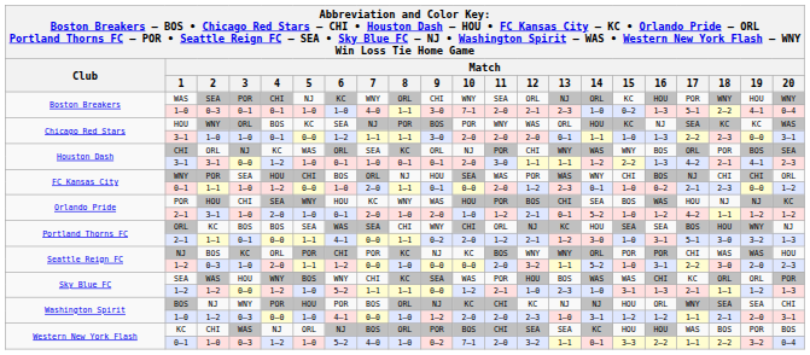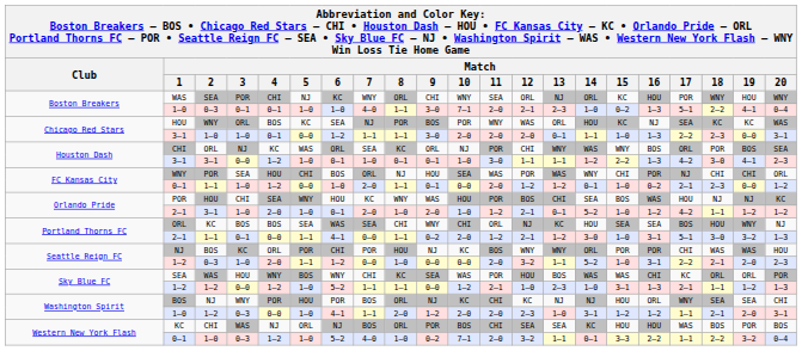 <table class="wikitable" style="text-align:center;width=100%">
 <tr>
 <th colspan="21">Abbreviation and Color Key:<br><a href='#'>Boston Breakers</a> – BOS • <a href='#'>Chicago Red Stars</a> – CHI • <a href='#'>Houston Dash</a> – HOU • <a href='#'>FC Kansas City</a> – KC • <a href='#'>Orlando Pride</a> – ORL<br><a href='#'>Portland Thorns FC</a> – POR • <a href='#'>Seattle Reign FC</a> – SEA • <a href='#'>Sky Blue FC</a> – NJ • <a href='#'>Washington Spirit</a> – WAS • <a href='#'>Western New York Flash</a> – WNY<br><span>Win</span>  <span>Loss</span>  <span>Tie</span> <span>Home Game</span></th>
 </tr>
 <tr>
 <th style="width:20%;" rowspan="2">Club</th>
 <th style="width:80%;" colspan="20">Match</th>
 </tr>
 <tr style="background:#ccc; font-size:95%;">
 <th style="width:4%;">1</th>
 <th style="width:4%;">2</th>
 <th style="width:4%;">3</th>
 <th style="width:4%;">4</th>
 <th style="width:4%;">5</th>
 <th style="width:4%;">6</th>
 <th style="width:4%;">7</th>
 <th style="width:4%;">8</th>
 <th style="width:4%;">9</th>
 <th style="width:4%;">10</th>
 <th style="width:4%;">11</th>
 <th style="width:4%;">12</th>
 <th style="width:4%;">13</th>
 <th style="width:4%;">14</th>
 <th style="width:4%;">15</th>
 <th style="width:4%;">16</th>
 <th style="width:4%;">17</th>
 <th style="width:4%;">18</th>
 <th style="width:4%;">19</th>
 <th style="width:4%;">20<br></th>
 </tr>
 <tr style="font-size: 75%">
 <td rowspan="2"><a href='#'>Boston Breakers</a></td>
 <td>WAS</td>
 <td style="background:silver;">SEA</td>
 <td style="background:silver;">POR</td>
 <td style="background:silver;">CHI</td>
 <td>NJ</td>
 <td style="background:silver;">KC</td>
 <td>WNY</td>
 <td style="background:silver;">ORL</td>
 <td>CHI</td>
 <td>WNY</td>
 <td>SEA</td>
 <td>ORL</td>
 <td style="background:silver;">NJ</td>
 <td style="background:silver;">ORL</td>
 <td>KC</td>
 <td style="background:silver;">HOU</td>
 <td>POR</td>
 <td style="background:silver;">WNY</td>
 <td>HOU</td>
 <td style="background:silver;">WNY</td>
 </tr>
 <tr style="font-size: 75%">
 <td bgcolor=#FFDFDF>1–0</td>
 <td bgcolor=#FFDFDF>0–3</td>
 <td bgcolor=#FFDFDF>0–1</td>
 <td bgcolor=#FFDFDF>0–1</td>
 <td bgcolor=#FFDFDF>1–0</td>
 <td bgcolor=#DFE7FF>1–0</td>
 <td bgcolor=#FFDFDF>4–0</td>
 <td bgcolor=#FFFDD0>1–1</td>
 <td bgcolor=#FFDFDF>3–0</td>
 <td bgcolor=#FFDFDF>7–1</td>
 <td bgcolor=#FFDFDF>2–0</td>
 <td bgcolor=#FFDFDF>2–1</td>
 <td bgcolor=#FFDFDF>2–3</td>
 <td bgcolor=#DFE7FF>1–0</td>
 <td bgcolor=#DFE7FF>0–2</td>
 <td bgcolor=#FFDFDF>1–3</td>
 <td bgcolor=#FFDFDF>5–1</td>
 <td bgcolor=#FFFDD0>2–2</td>
 <td bgcolor=#FFDFDF>4–1</td>
 <td bgcolor=#FFDFDF>0–4</td>
 </tr>
 <tr style="font-size: 75%">
 <td rowspan="2"><a href='#'>Chicago Red Stars</a></td>
 <td>HOU</td>
 <td style="background:silver;">WNY</td>
 <td style="background:silver;">ORL</td>
 <td>BOS</td>
 <td>KC</td>
 <td>SEA</td>
 <td style="background:silver;">NJ</td>
 <td style="background:silver;">POR</td>
 <td style="background:silver;">BOS</td>
 <td>POR</td>
 <td>WNY</td>
 <td>WAS</td>
 <td>ORL</td>
 <td style="background:silver;">HOU</td>
 <td style="background:silver;">KC</td>
 <td>NJ</td>
 <td style="background:silver;">SEA</td>
 <td style="background:silver;">KC</td>
 <td>KC</td>
 <td style="background:silver;">WAS</td>
 </tr>
 <tr style="font-size: 75%">
 <td bgcolor=#FFDFDF>3–1</td>
 <td bgcolor=#DFE7FF>1–0</td>
 <td bgcolor=#DFE7FF>1–0</td>
 <td bgcolor=#DFE7FF>0–1</td>
 <td bgcolor=#FFFDD0>0–0</td>
 <td bgcolor=#DFE7FF>1–2</td>
 <td bgcolor=#FFFDD0>1–1</td>
 <td bgcolor=#FFFDD0>1–1</td>
 <td bgcolor=#DFE7FF>3–0</td>
 <td bgcolor=#FFDFDF>2–0</td>
 <td bgcolor=#FFDFDF>2–0</td>
 <td bgcolor=#FFDFDF>2–0</td>
 <td bgcolor=#DFE7FF>0–1</td>
 <td bgcolor=#FFFDD0>1–1</td>
 <td bgcolor=#DFE7FF>1–0</td>
 <td bgcolor=#DFE7FF>1–3</td>
 <td bgcolor=#FFFDD0>2–2</td>
 <td bgcolor=#FFDFDF>2–3</td>
 <td bgcolor=#FFFDD0>0–0</td>
 <td bgcolor=#DFE7FF>3–1</td>
 </tr>
 <tr style="font-size: 75%">
 <td rowspan="2"><a href='#'>Houston Dash</a></td>
 <td style="background:silver;">CHI</td>
 <td>ORL</td>
 <td style="background:silver;">NJ</td>
 <td>KC</td>
 <td>WAS</td>
 <td style="background:silver;">ORL</td>
 <td>SEA</td>
 <td style="background:silver;">KC</td>
 <td>ORL</td>
 <td>NJ</td>
 <td style="background:silver;">POR</td>
 <td>CHI</td>
 <td style="background:silver;">WNY</td>
 <td style="background:silver;">WAS</td>
 <td>WNY</td>
 <td>BOS</td>
 <td style="background:silver;">ORL</td>
 <td>POR</td>
 <td style="background:silver;">BOS</td>
 <td style="background:silver;">SEA</td>
 </tr>
 <tr style="font-size: 75%">
 <td bgcolor=#DFE7FF>3–1</td>
 <td bgcolor=#FFDFDF>3–1</td>
 <td bgcolor=#FFFDD0>0–0</td>
 <td bgcolor=#DFE7FF>1–2</td>
 <td bgcolor=#FFDFDF>1–0</td>
 <td bgcolor=#FFDFDF>0–1</td>
 <td bgcolor=#FFDFDF>1–0</td>
 <td bgcolor=#FFDFDF>0–1</td>
 <td bgcolor=#FFDFDF>0–1</td>
-<td bgcolor=#FFDFDF>2–0</td>
+<td bgcolor=#FFDFDF>1–0</td>
 <td bgcolor=#DFE7FF>3–0</td>
 <td bgcolor=#FFFDD0>1–1</td>
 <td bgcolor=#FFFDD0>1–1</td>
 <td bgcolor=#FFDFDF>1–2</td>
 <td bgcolor=#FFFDD0>2–2</td>
 <td bgcolor=#DFE7FF>1–3</td>
 <td bgcolor=#DFE7FF>4–2</td>
-<td bgcolor=#FFDFDF>2–1</td>
+<td bgcolor=#FFDFDF>3–0</td>
 <td bgcolor=#DFE7FF>4–1</td>
 <td bgcolor=#FFDFDF>2–3</td>
 </tr>
 <tr style="font-size: 75%">
 <td rowspan="2"><a href='#'>FC Kansas City</a></td>
 <td style="background:silver;">WNY</td>
 <td style="background:silver;">POR</td>
 <td>SEA</td>
 <td style="background:silver;">HOU</td>
 <td style="background:silver;">CHI</td>
 <td>BOS</td>
 <td style="background:silver;">ORL</td>
 <td>NJ</td>
 <td>HOU</td>
 <td style="background:silver;">SEA</td>
 <td>WAS</td>
 <td>POR</td>
 <td style="background:silver;">WAS</td>
 <td>WNY</td>
 <td>CHI</td>
-<td style="background:silver;">BOS</td>
+<td style="background:silver;">POR</td>
 <td style="background:silver;">NJ</td>
 <td>CHI</td>
 <td style="background:silver;">CHI</td>
 <td>ORL</td>
 </tr>
 <tr style="font-size: 75%">
 <td bgcolor=#FFDFDF>0–1</td>
 <td bgcolor=#FFFDD0>1–1</td>
 <td bgcolor=#FFDFDF>1–0</td>
 <td bgcolor=#FFDFDF>1–2</td>
 <td bgcolor=#FFFDD0>0–0</td>
 <td bgcolor=#FFDFDF>1–0</td>
 <td bgcolor=#DFE7FF>2–0</td>
 <td bgcolor=#FFFDD0>1–1</td>
 <td bgcolor=#DFE7FF>0–1</td>
 <td bgcolor=#FFFDD0>0–0</td>
 <td bgcolor=#FFDFDF>2–0</td>
 <td bgcolor=#DFE7FF>1–2</td>
-<td bgcolor=#FFDFDF>2–3</td>
+<td bgcolor=#FFDFDF>1–2</td>
 <td bgcolor=#DFE7FF>0–1</td>
 <td bgcolor=#FFDFDF>1–0</td>
 <td bgcolor=#FFDFDF>0–2</td>
 <td bgcolor=#DFE7FF>2–1</td>
 <td bgcolor=#DFE7FF>2–3</td>
 <td bgcolor=#FFFDD0>0–0</td>
 <td bgcolor=#DFE7FF>1–2</td>
 </tr>
 <tr style="font-size: 75%">
 <td rowspan="2"><a href='#'>Orlando Pride</a></td>
 <td>POR</td>
 <td style="background:silver;">HOU</td>
 <td>CHI</td>
 <td style="background:silver;">SEA</td>
 <td style="background:silver;">WNY</td>
 <td>HOU</td>
 <td>KC</td>
 <td>WNY</td>
 <td>WAS</td>
 <td style="background:silver;">HOU</td>
 <td style="background:silver;">POR</td>
 <td style="background:silver;">BOS</td>
 <td style="background:silver;">CHI</td>
 <td>SEA</td>
 <td>BOS</td>
 <td style="background:silver;">WAS</td>
 <td>HOU</td>
 <td>NJ</td>
 <td style="background:silver;">NJ</td>
 <td style="background:silver;">KC</td>
 </tr>
 <tr style="font-size: 75%">
 <td bgcolor=#FFDFDF>2–1</td>
 <td bgcolor=#DFE7FF>3–1</td>
 <td bgcolor=#FFDFDF>1–0</td>
 <td bgcolor=#DFE7FF>2–0</td>
 <td bgcolor=#DFE7FF>1–0</td>
 <td bgcolor=#DFE7FF>0–1</td>
 <td bgcolor=#FFDFDF>2–0</td>
 <td bgcolor=#FFDFDF>1–0</td>
 <td bgcolor=#FFDFDF>2–0</td>
 <td bgcolor=#DFE7FF>1–0</td>
 <td bgcolor=#FFDFDF>1–2</td>
 <td bgcolor=#DFE7FF>2–1</td>
 <td bgcolor=#FFDFDF>0–1</td>
 <td bgcolor=#FFDFDF>5–2</td>
 <td bgcolor=#FFDFDF>1–0</td>
 <td bgcolor=#FFDFDF>1–2</td>
 <td bgcolor=#FFDFDF>4–2</td>
 <td bgcolor=#FFFDD0>1–1</td>
 <td bgcolor=#FFDFDF>1–2</td>
 <td bgcolor=#FFDFDF>1–2</td>
 </tr>
 <tr style="font-size: 75%">
 <td rowspan="2"><a href='#'>Portland Thorns FC</a></td>
 <td style="background:silver;">ORL</td>
 <td>KC</td>
 <td>BOS</td>
 <td>BOS</td>
 <td>SEA</td>
 <td style="background:silver;">WAS</td>
 <td style="background:silver;">SEA</td>
 <td>CHI</td>
 <td>WNY</td>
 <td style="background:silver;">CHI</td>
 <td>ORL</td>
 <td style="background:silver;">NJ</td>
 <td style="background:silver;">KC</td>
 <td>HOU</td>
 <td style="background:silver;">SEA</td>
 <td>SEA</td>
 <td style="background:silver;">BOS</td>
 <td style="background:silver;">HOU</td>
 <td style="background:silver;">WNY</td>
 <td>NJ</td>
 </tr>
 <tr style="font-size: 75%">
 <td bgcolor=#DFE7FF>2–1</td>
 <td bgcolor=#FFFDD0>1–1</td>
 <td bgcolor=#DFE7FF>0–1</td>
 <td bgcolor=#FFFDD0>0–0</td>
 <td bgcolor=#FFFDD0>1–1</td>
 <td bgcolor=#DFE7FF>4–1</td>
 <td bgcolor=#FFFDD0>0–0</td>
 <td bgcolor=#FFFDD0>1–1</td>
 <td bgcolor=#DFE7FF>0–2</td>
 <td bgcolor=#DFE7FF>2–0</td>
 <td bgcolor=#DFE7FF>1–2</td>
 <td bgcolor=#DFE7FF>2–1</td>
 <td bgcolor=#FFDFDF>1–2</td>
 <td bgcolor=#FFDFDF>3–0</td>
 <td bgcolor=#DFE7FF>1–0</td>
 <td bgcolor=#FFDFDF>3–1</td>
 <td bgcolor=#DFE7FF>5–1</td>
 <td bgcolor=#DFE7FF>3–0</td>
 <td bgcolor=#DFE7FF>3–2</td>
 <td bgcolor=#DFE7FF>1–3</td>
 </tr>
 <tr style="font-size: 75%">
 <td rowspan="2"><a href='#'>Seattle Reign FC</a></td>
 <td style="background:silver;">NJ</td>
 <td>BOS</td>
 <td style="background:silver;">KC</td>
 <td>ORL</td>
 <td style="background:silver;">POR</td>
 <td style="background:silver;">CHI</td>
 <td>POR</td>
-<td style="background:silver;">KC</td>
+<td style="background:silver;">HOU</td>
 <td>NJ</td>
 <td>KC</td>
 <td style="background:silver;">BOS</td>
 <td>WNY</td>
 <td style="background:silver;">WNY</td>
 <td style="background:silver;">ORL</td>
 <td>POR</td>
 <td style="background:silver;">POR</td>
 <td>CHI</td>
 <td>WAS</td>
 <td style="background:silver;">WAS</td>
 <td>HOU</td>
 </tr>
 <tr style="font-size: 75%">
 <td bgcolor=#FFDFDF>1–2</td>
 <td bgcolor=#DFE7FF>0–3</td>
 <td bgcolor=#DFE7FF>1–0</td>
 <td bgcolor=#FFDFDF>2–0</td>
 <td bgcolor=#FFFDD0>1–1</td>
 <td bgcolor=#FFDFDF>1–2</td>
 <td bgcolor=#FFFDD0>0–0</td>
 <td bgcolor=#DFE7FF>1–0</td>
 <td bgcolor=#FFFDD0>0–0</td>
 <td bgcolor=#FFFDD0>0–0</td>
 <td bgcolor=#DFE7FF>2–0</td>
 <td bgcolor=#FFDFDF>3–2</td>
 <td bgcolor=#FFFDD0>1–1</td>
 <td bgcolor=#DFE7FF>5–2</td>
 <td bgcolor=#FFDFDF>1–0</td>
 <td bgcolor=#DFE7FF>3–1</td>
 <td bgcolor=#FFFDD0>2–2</td>
-<td bgcolor=#FFDFDF>3–0</td>
+<td bgcolor=#FFDFDF>2–1</td>
 <td bgcolor=#DFE7FF>2–0</td>
 <td bgcolor=#DFE7FF>2–3</td>
 </tr>
 <tr style="font-size: 75%">
 <td rowspan="2"><a href='#'>Sky Blue FC</a></td>
 <td>SEA</td>
 <td style="background:silver;">WAS</td>
 <td>HOU</td>
 <td style="background:silver;">WNY</td>
 <td style="background:silver;">BOS</td>
 <td>WNY</td>
 <td>CHI</td>
 <td style="background:silver;">KC</td>
 <td style="background:silver;">SEA</td>
 <td>WAS</td>
 <td>POR</td>
 <td style="background:silver;">HOU</td>
 <td>BOS</td>
 <td style="background:silver;">WAS</td>
 <td>WAS</td>
 <td style="background:silver;">CHI</td>
 <td>KC</td>
 <td style="background:silver;">ORL</td>
 <td>ORL</td>
 <td style="background:silver;">POR</td>
 </tr>
 <tr style="font-size: 75%">
 <td bgcolor=#DFE7FF>1–2</td>
 <td bgcolor=#FFDFDF>1–2</td>
 <td bgcolor=#FFFDD0>0–0</td>
 <td bgcolor=#FFDFDF>1–2</td>
 <td bgcolor=#DFE7FF>1–0</td>
 <td bgcolor=#FFDFDF>5–2</td>
 <td bgcolor=#FFFDD0>1–1</td>
 <td bgcolor=#FFFDD0>1–1</td>
 <td bgcolor=#FFFDD0>0–0</td>
 <td bgcolor=#DFE7FF>1–2</td>
 <td bgcolor=#FFDFDF>2–1</td>
 <td bgcolor=#DFE7FF>1–0</td>
 <td bgcolor=#DFE7FF>2–3</td>
 <td bgcolor=#DFE7FF>1–0</td>
 <td bgcolor=#FFDFDF>3–1</td>
 <td bgcolor=#FFDFDF>1–3</td>
 <td bgcolor=#FFDFDF>2–1</td>
 <td bgcolor=#FFFDD0>1–1</td>
 <td bgcolor=#DFE7FF>1–2</td>
 <td bgcolor=#FFDFDF>1–3</td>
 </tr>
 <tr style="font-size: 75%">
 <td rowspan="2"><a href='#'>Washington Spirit</a></td>
 <td style="background:silver;">BOS</td>
 <td>NJ</td>
 <td>WNY</td>
 <td style="background:silver;">POR</td>
 <td style="background:silver;">HOU</td>
 <td>POR</td>
 <td>BOS</td>
 <td style="background:silver;">ORL</td>
 <td style="background:silver;">NJ</td>
 <td style="background:silver;">KC</td>
 <td style="background:silver;">CHI</td>
 <td>KC</td>
 <td>NJ</td>
 <td style="background:silver;">NJ</td>
 <td>HOU</td>
 <td>ORL</td>
 <td style="background:silver;">WNY</td>
 <td style="background:silver;">SEA</td>
 <td>SEA</td>
 <td>CHI</td>
 </tr>
 <tr style="font-size: 75%">
 <td bgcolor=#DFE7FF>1–0</td>
 <td bgcolor=#DFE7FF>1–2</td>
 <td bgcolor=#DFE7FF>0–3</td>
 <td bgcolor=#FFFDD0>0–0</td>
 <td bgcolor=#DFE7FF>1–0</td>
 <td bgcolor=#FFDFDF>4–1</td>
-<td bgcolor=#FFFDD0>0–0</td>
-<td bgcolor=#DFE7FF>1–0</td>
+<td bgcolor=#FFFDD0>1–1</td>
+<td bgcolor=#DFE7FF>2–0</td>
 <td bgcolor=#FFDFDF>1–2</td>
 <td bgcolor=#DFE7FF>2–0</td>
 <td bgcolor=#DFE7FF>2–0</td>
 <td bgcolor=#DFE7FF>2–3</td>
 <td bgcolor=#FFDFDF>1–0</td>
 <td bgcolor=#DFE7FF>3–1</td>
 <td bgcolor=#DFE7FF>1–2</td>
 <td bgcolor=#DFE7FF>1–2</td>
 <td bgcolor=#FFFDD0>1–1</td>
 <td bgcolor=#DFE7FF>2–1</td>
 <td bgcolor=#FFDFDF>2–0</td>
 <td bgcolor=#FFDFDF>3–1</td>
 </tr>
 <tr style="font-size: 75%">
 <td rowspan="2"><a href='#'>Western New York Flash</a></td>
 <td>KC</td>
 <td>CHI</td>
 <td style="background:silver;">WAS</td>
 <td>NJ</td>
 <td>ORL</td>
 <td style="background:silver;">NJ</td>
 <td style="background:silver;">BOS</td>
 <td style="background:silver;">ORL</td>
 <td style="background:silver;">POR</td>
 <td style="background:silver;">BOS</td>
 <td style="background:silver;">CHI</td>
 <td style="background:silver;">SEA</td>
 <td>SEA</td>
 <td style="background:silver;">KC</td>
 <td>HOU</td>
 <td style="background:silver;">HOU</td>
 <td>WAS</td>
 <td>BOS</td>
 <td>POR</td>
 <td>BOS</td>
 </tr>
 <tr style="font-size: 75%">
 <td bgcolor=#DFE7FF>0–1</td>
 <td bgcolor=#FFDFDF>1–0</td>
 <td bgcolor=#FFDFDF>0–3</td>
 <td bgcolor=#DFE7FF>1–2</td>
 <td bgcolor=#FFDFDF>1–0</td>
 <td bgcolor=#DFE7FF>5–2</td>
 <td bgcolor=#DFE7FF>4–0</td>
 <td bgcolor=#DFE7FF>1–0</td>
 <td bgcolor=#FFDFDF>0–2</td>
 <td bgcolor=#DFE7FF>7–1</td>
 <td bgcolor=#DFE7FF>2–0</td>
 <td bgcolor=#DFE7FF>3–2</td>
 <td bgcolor=#FFFDD0>1–1</td>
 <td bgcolor=#FFDFDF>0–1</td>
 <td bgcolor=#FFFDD0>3–3</td>
 <td bgcolor=#FFFDD0>2–2</td>
 <td bgcolor=#FFFDD0>1–1</td>
 <td bgcolor=#FFFDD0>2–2</td>
 <td bgcolor=#FFDFDF>3–2</td>
 <td bgcolor=#DFE7FF>0–4</td>
 </tr>
 </table>
